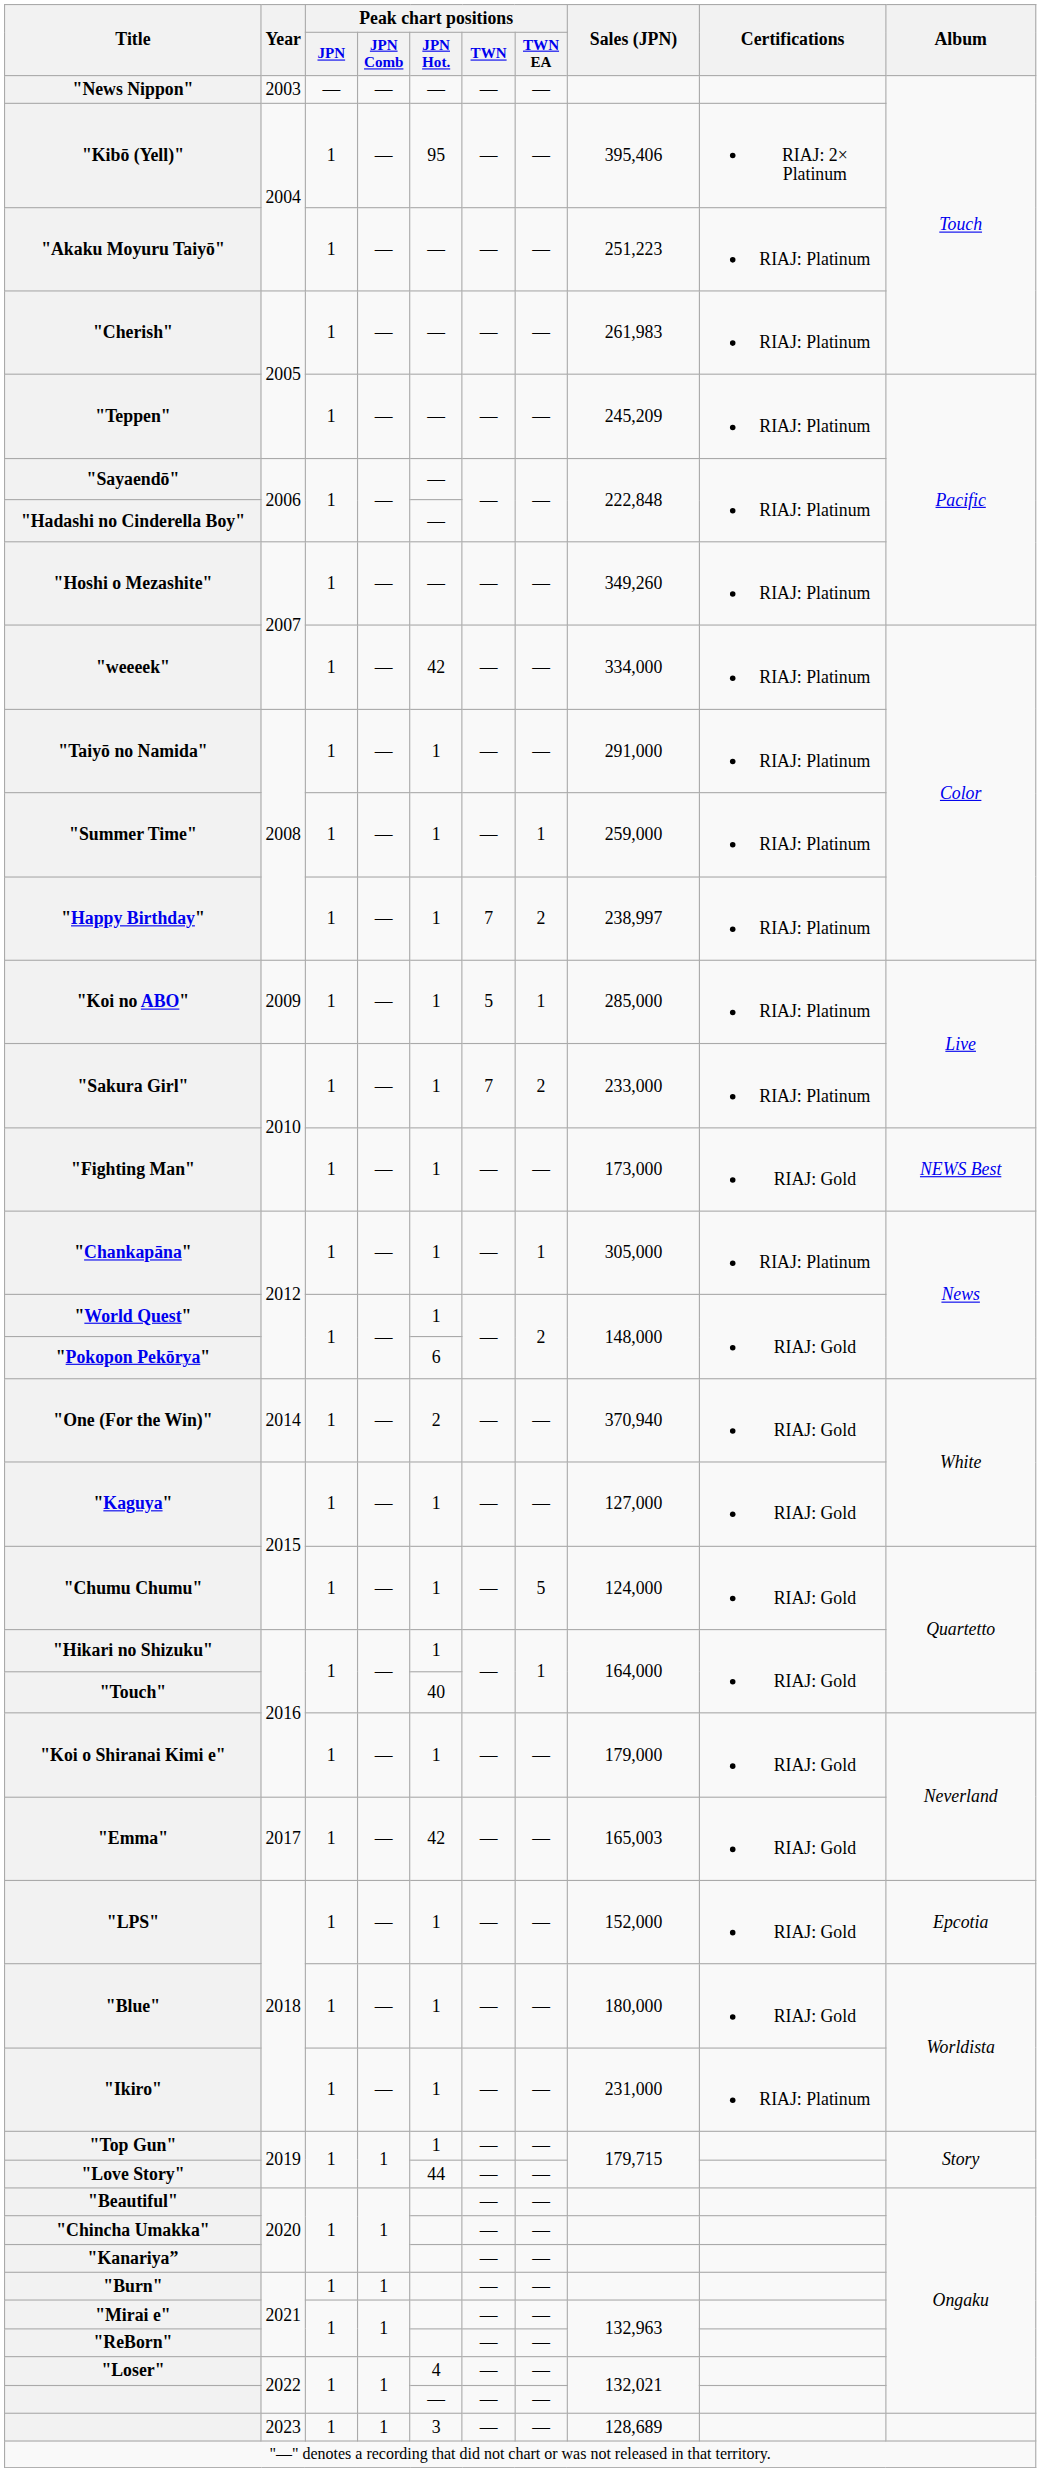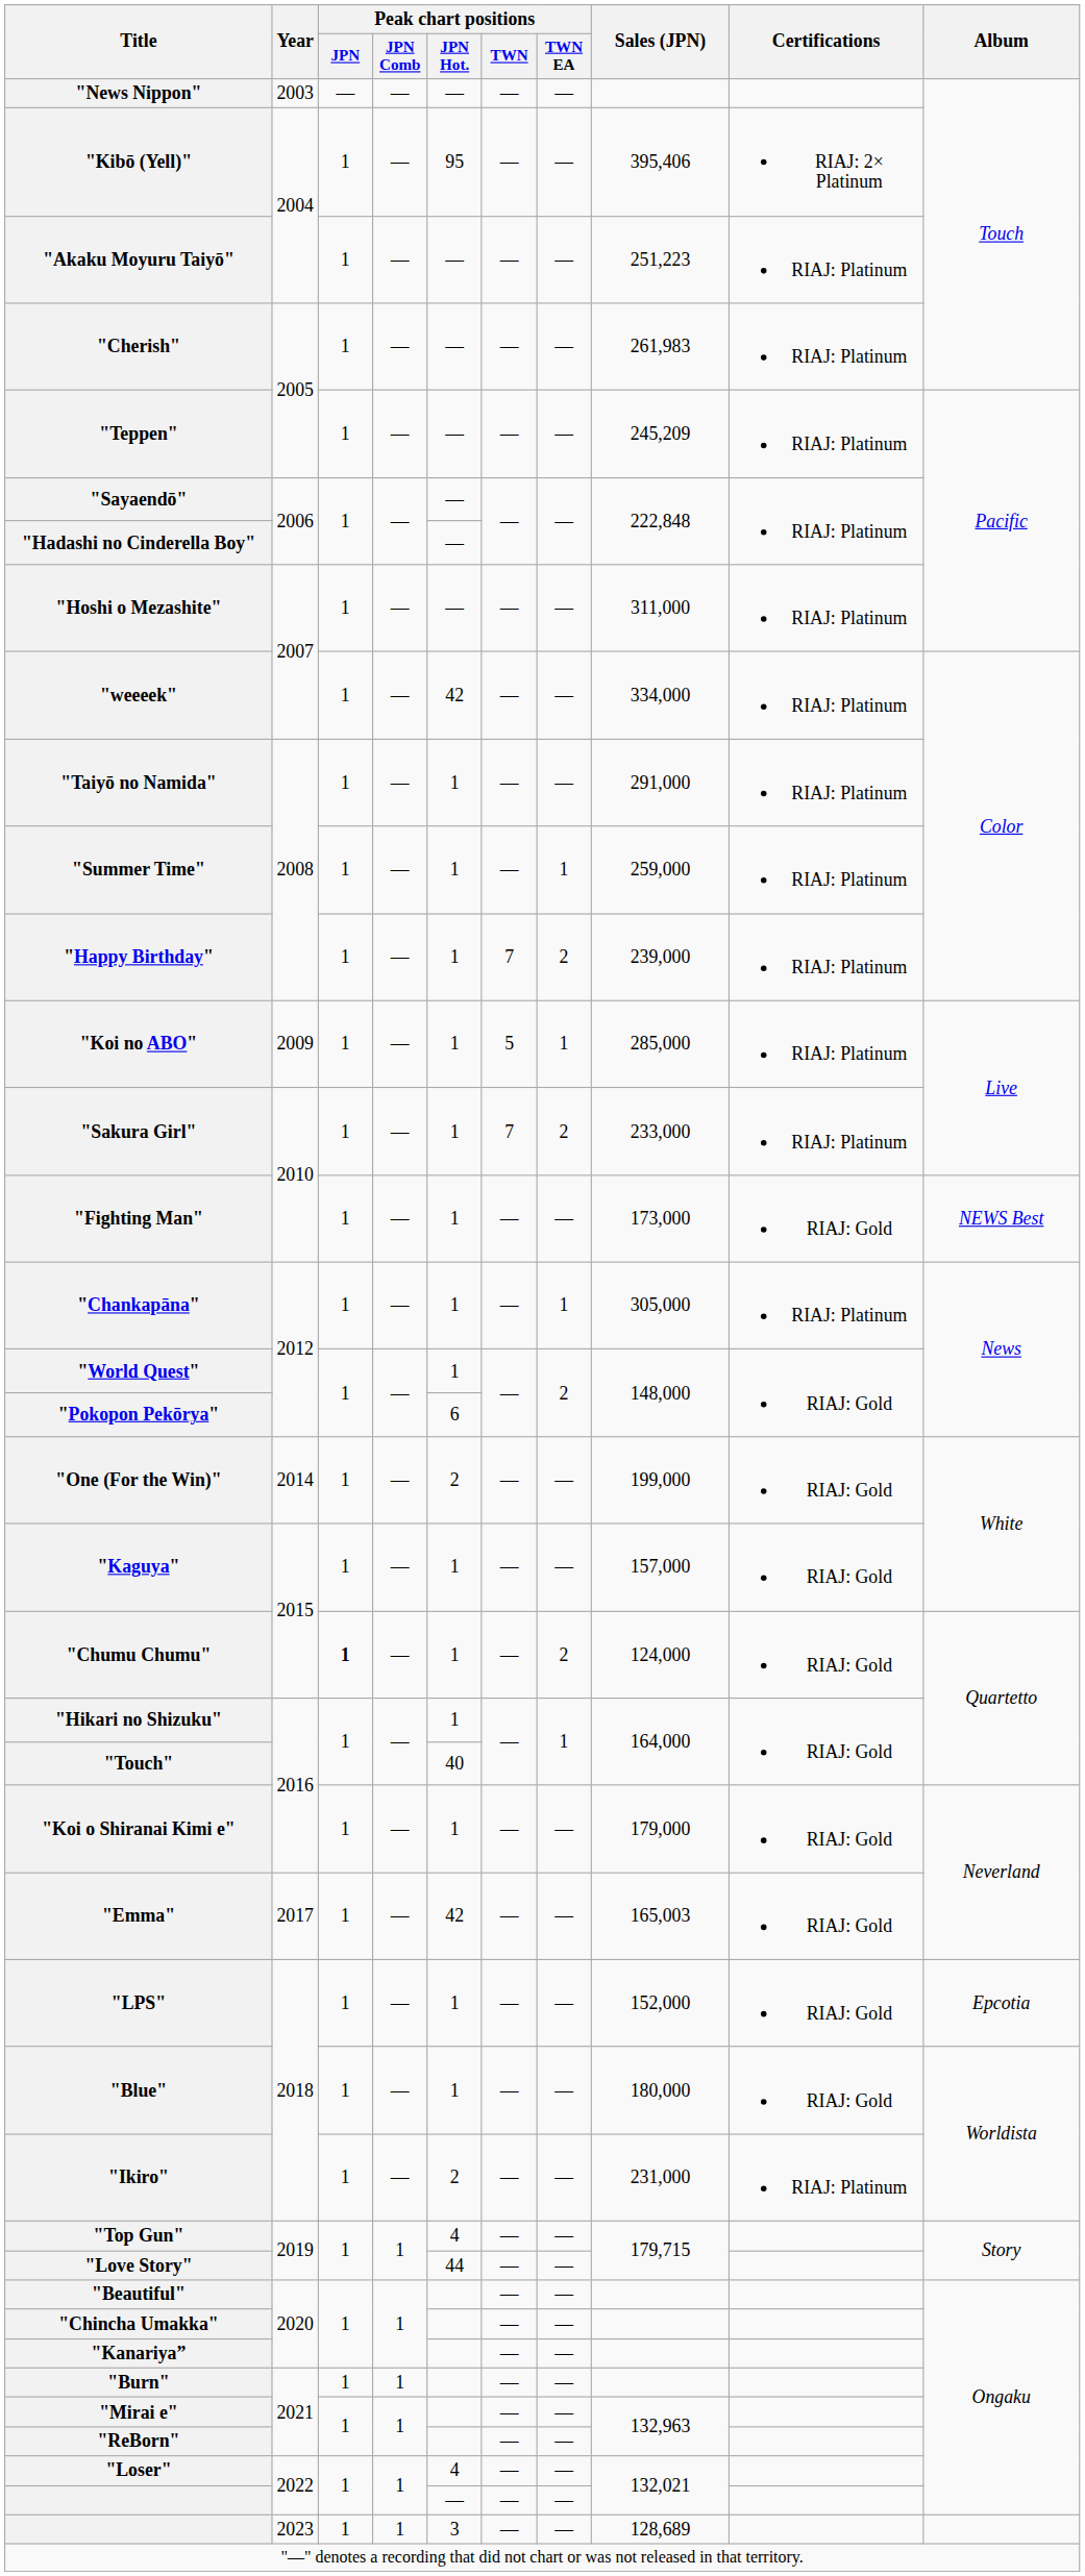 <table class="wikitable plainrowheaders" style="text-align: center;" border="1">
 <tr>
 <th rowspan="2" scope="col" style="width:14em;">Title</th>
 <th rowspan="2" scope="col" style="width:1em;">Year</th>
 <th colspan="5" scope="col">Peak chart positions</th>
 <th rowspan="2" scope="col" style="width:7em;">Sales (JPN)</th>
 <th rowspan="2" scope="col" style="width:10em;">Certifications<br></th>
 <th rowspan="2" scope="col" style="width:8em;">Album</th>
 </tr>
 <tr>
 <th scope="col" style="width:3em;font-size:85%;"><a href='#'>JPN</a> <br></th>
 <th scope="col" style="width:3em;font-size:85%;"><a href='#'>JPN<br>Comb</a><br></th>
 <th scope="col" style="width:3em;font-size:85%;"><a href='#'>JPN Hot.</a><br></th>
 <th scope="col" style="width:3em;font-size:85%;"><a href='#'>TWN</a><br></th>
 <th scope="col" style="width:3em;font-size:85%;"><a href='#'>TWN</a> EA<br></th>
 </tr>
 <tr>
 <th scope="row">"News Nippon"</th>
 <td>2003</td>
 <td>—</td>
 <td>—</td>
 <td>—</td>
 <td>—</td>
 <td>—</td>
 <td></td>
 <td></td>
 <td rowspan="4"><em><a href='#'>Touch</a></em></td>
 </tr>
 <tr>
 <th scope="row">"Kibō (Yell)"</th>
 <td rowspan="2">2004</td>
 <td>1</td>
 <td>—</td>
 <td>95</td>
 <td>—</td>
 <td>—</td>
 <td>395,406</td>
 <td><br><ul><li>RIAJ: 2× Platinum</li></ul></td>
 </tr>
 <tr>
 <th scope="row">"Akaku Moyuru Taiyō"</th>
 <td>1</td>
 <td>—</td>
 <td>—</td>
 <td>—</td>
 <td>—</td>
 <td>251,223</td>
 <td><br><ul><li>RIAJ: Platinum</li></ul></td>
 </tr>
 <tr>
 <th scope="row">"Cherish"</th>
 <td rowspan="2">2005</td>
 <td>1</td>
 <td>—</td>
 <td>—</td>
 <td>—</td>
 <td>—</td>
 <td>261,983</td>
 <td><br><ul><li>RIAJ: Platinum</li></ul></td>
 </tr>
 <tr>
 <th scope="row">"Teppen"</th>
 <td>1</td>
 <td>—</td>
 <td>—</td>
 <td>—</td>
 <td>—</td>
 <td>245,209</td>
 <td><br><ul><li>RIAJ: Platinum</li></ul></td>
 <td rowspan="4"><em><a href='#'>Pacific</a></em></td>
 </tr>
 <tr>
 <th scope="row">"Sayaendō"</th>
 <td rowspan="2">2006</td>
 <td rowspan="2">1</td>
 <td rowspan="2">—</td>
 <td>—</td>
 <td rowspan="2">—</td>
 <td rowspan="2">—</td>
 <td rowspan="2">222,848</td>
 <td rowspan="2"><br><ul><li>RIAJ: Platinum</li></ul></td>
 </tr>
 <tr>
 <th scope="row">"Hadashi no Cinderella Boy"</th>
 <td>—</td>
 </tr>
 <tr>
 <th scope="row">"Hoshi o Mezashite"</th>
 <td rowspan="2">2007</td>
 <td>1</td>
 <td>—</td>
 <td>—</td>
 <td>—</td>
 <td>—</td>
-<td>349,260</td>
+<td>311,000</td>
 <td><br><ul><li>RIAJ: Platinum</li></ul></td>
 </tr>
 <tr>
 <th scope="row">"weeeek"</th>
 <td>1</td>
 <td>—</td>
 <td>42</td>
 <td>—</td>
 <td>—</td>
 <td>334,000</td>
 <td><br><ul><li>RIAJ: Platinum</li></ul></td>
 <td rowspan="4"><em><a href='#'>Color</a></em></td>
 </tr>
 <tr>
 <th scope="row">"Taiyō no Namida"</th>
 <td rowspan="3">2008</td>
 <td>1</td>
 <td>—</td>
 <td>1</td>
 <td>—</td>
 <td>—</td>
 <td>291,000</td>
 <td><br><ul><li>RIAJ: Platinum</li></ul></td>
 </tr>
 <tr>
 <th scope="row">"Summer Time"</th>
 <td>1</td>
 <td>—</td>
 <td>1</td>
 <td>—</td>
 <td>1</td>
 <td>259,000</td>
 <td><br><ul><li>RIAJ: Platinum</li></ul></td>
 </tr>
 <tr>
 <th scope="row">"<a href='#'>Happy Birthday</a>"</th>
 <td>1</td>
 <td>—</td>
 <td>1</td>
 <td>7</td>
 <td>2</td>
-<td>238,997</td>
+<td>239,000</td>
 <td><br><ul><li>RIAJ: Platinum</li></ul></td>
 </tr>
 <tr>
 <th scope="row">"Koi no <a href='#'>ABO</a>"</th>
 <td>2009</td>
 <td>1</td>
 <td>—</td>
 <td>1</td>
 <td>5</td>
 <td>1</td>
 <td>285,000</td>
 <td><br><ul><li>RIAJ: Platinum</li></ul></td>
 <td rowspan="2"><em><a href='#'>Live</a></em></td>
 </tr>
 <tr>
 <th scope="row">"Sakura Girl"</th>
 <td rowspan="2">2010</td>
 <td>1</td>
 <td>—</td>
 <td>1</td>
 <td>7</td>
 <td>2</td>
 <td>233,000</td>
 <td><br><ul><li>RIAJ: Platinum</li></ul></td>
 </tr>
 <tr>
 <th scope="row">"Fighting Man"</th>
 <td>1</td>
 <td>—</td>
 <td>1</td>
 <td>—</td>
 <td>—</td>
 <td>173,000</td>
 <td><br><ul><li>RIAJ: Gold</li></ul></td>
 <td><em><a href='#'>NEWS Best</a></em></td>
 </tr>
 <tr>
 <th scope="row">"<a href='#'>Chankapāna</a>"</th>
 <td rowspan="3">2012</td>
 <td>1</td>
 <td>—</td>
 <td>1</td>
 <td>—</td>
 <td>1</td>
 <td>305,000</td>
 <td><br><ul><li>RIAJ: Platinum</li></ul></td>
 <td rowspan="3"><em><a href='#'>News</a></em></td>
 </tr>
 <tr>
 <th scope="row">"<a href='#'>World Quest</a>"</th>
 <td rowspan="2">1</td>
 <td rowspan="2">—</td>
 <td>1</td>
 <td rowspan="2">—</td>
 <td rowspan="2">2</td>
 <td rowspan="2">148,000</td>
 <td rowspan="2"><br><ul><li>RIAJ: Gold</li></ul></td>
 </tr>
 <tr>
 <th scope="row">"<a href='#'>Pokopon Pekōrya</a>"</th>
 <td>6</td>
 </tr>
 <tr>
 <th scope="row">"One (For the Win)"</th>
 <td>2014</td>
 <td>1</td>
 <td>—</td>
 <td>2</td>
 <td>—</td>
 <td>—</td>
-<td>370,940</td>
+<td>199,000</td>
 <td><br><ul><li>RIAJ: Gold</li></ul></td>
 <td rowspan="2"><em>White</em></td>
 </tr>
 <tr>
 <th scope="row">"<a href='#'>Kaguya</a>"</th>
 <td rowspan="2">2015</td>
 <td>1</td>
 <td>—</td>
 <td>1</td>
 <td>—</td>
 <td>—</td>
-<td>127,000</td>
+<td>157,000</td>
 <td><br><ul><li>RIAJ: Gold</li></ul></td>
 </tr>
 <tr>
 <th scope="row">"Chumu Chumu"</th>
-<td>1</td>
+<td><strong>1</strong></td>
 <td>—</td>
 <td>1</td>
 <td>—</td>
-<td>5</td>
+<td>2</td>
 <td>124,000</td>
 <td><br><ul><li>RIAJ: Gold</li></ul></td>
 <td rowspan="3"><em>Quartetto</em></td>
 </tr>
 <tr>
 <th scope="row">"Hikari no Shizuku"</th>
 <td rowspan="3">2016</td>
 <td rowspan="2">1</td>
 <td rowspan="2">—</td>
 <td>1</td>
 <td rowspan="2">—</td>
 <td rowspan="2">1</td>
 <td rowspan="2">164,000</td>
 <td rowspan="2"><br><ul><li>RIAJ: Gold</li></ul></td>
 </tr>
 <tr>
 <th scope="row">"Touch"</th>
 <td>40</td>
 </tr>
 <tr>
 <th scope="row">"Koi o Shiranai Kimi e"</th>
 <td>1</td>
 <td>—</td>
 <td>1</td>
 <td>—</td>
 <td>—</td>
 <td>179,000</td>
 <td><br><ul><li>RIAJ: Gold</li></ul></td>
 <td rowspan="2"><em>Neverland</em></td>
 </tr>
 <tr>
 <th scope="row">"Emma"</th>
 <td>2017</td>
 <td>1</td>
 <td>—</td>
 <td>42</td>
 <td>—</td>
 <td>—</td>
 <td>165,003</td>
 <td><br><ul><li>RIAJ: Gold</li></ul></td>
 </tr>
 <tr>
 <th scope="row">"LPS"</th>
 <td rowspan="3">2018</td>
 <td>1</td>
 <td>—</td>
 <td>1</td>
 <td>—</td>
 <td>—</td>
 <td>152,000</td>
 <td><br><ul><li>RIAJ: Gold</li></ul></td>
 <td><em>Epcotia</em></td>
 </tr>
 <tr>
 <th scope="row">"Blue"</th>
 <td>1</td>
 <td>—</td>
 <td>1</td>
 <td>—</td>
 <td>—</td>
 <td>180,000</td>
 <td><br><ul><li>RIAJ: Gold</li></ul></td>
 <td rowspan="2"><em>Worldista</em></td>
 </tr>
 <tr>
 <th scope="row">"Ikiro"</th>
 <td>1</td>
 <td>—</td>
-<td>1</td>
+<td>2</td>
 <td>—</td>
 <td>—</td>
 <td>231,000</td>
 <td><br><ul><li>RIAJ: Platinum</li></ul></td>
 </tr>
 <tr>
 <th scope="row">"Top Gun"</th>
 <td rowspan="2">2019</td>
 <td rowspan="2">1</td>
 <td rowspan="2">1</td>
-<td>1</td>
+<td>4</td>
 <td>—</td>
 <td>—</td>
 <td rowspan="2">179,715</td>
 <td></td>
 <td rowspan="2"><em>Story</em></td>
 </tr>
 <tr>
 <th scope="row">"Love Story"</th>
 <td>44</td>
 <td>—</td>
 <td>—</td>
 <td></td>
 </tr>
 <tr>
 <th scope="row">"Beautiful"</th>
 <td rowspan="3">2020</td>
 <td rowspan="3">1</td>
 <td rowspan="3">1</td>
 <td></td>
 <td>—</td>
 <td>—</td>
 <td></td>
 <td></td>
 <td rowspan="8"><em>Ongaku</em></td>
 </tr>
 <tr>
 <th scope="row">"Chincha Umakka"</th>
 <td></td>
 <td>—</td>
 <td>—</td>
 <td></td>
 <td></td>
 </tr>
 <tr>
 <th scope="row">"Kanariya”</th>
 <td></td>
 <td>—</td>
 <td>—</td>
 <td></td>
 <td></td>
 </tr>
 <tr>
 <th scope="row">"Burn"</th>
 <td rowspan="3">2021</td>
 <td>1</td>
 <td>1</td>
 <td></td>
 <td>—</td>
 <td>—</td>
 <td></td>
 <td></td>
 </tr>
 <tr>
 <th scope="row">"Mirai e"</th>
 <td rowspan="2">1</td>
 <td rowspan="2">1</td>
 <td></td>
 <td>—</td>
 <td>—</td>
 <td rowspan="2">132,963</td>
 <td></td>
 </tr>
 <tr>
 <th scope="row">"ReBorn"</th>
 <td></td>
 <td>—</td>
 <td>—</td>
 <td></td>
 </tr>
 <tr>
 <th scope="row">"Loser"</th>
 <td rowspan="2">2022</td>
 <td rowspan="2">1</td>
 <td rowspan="2">1</td>
 <td>4</td>
 <td>—</td>
 <td>—</td>
 <td rowspan="2">132,021</td>
 <td></td>
 </tr>
 <tr>
 <th scope="row"></th>
 <td>—</td>
 <td>—</td>
 <td>—</td>
 <td></td>
 </tr>
 <tr>
 <th scope="row"></th>
 <td>2023</td>
 <td>1</td>
 <td>1</td>
 <td>3</td>
 <td>—</td>
 <td>—</td>
 <td>128,689</td>
 <td></td>
 <td></td>
 </tr>
 <tr>
 <td colspan="10" align="center" style="font-size:90%;">"—" denotes a recording that did not chart or was not released in that territory.</td>
 </tr>
 </table>
